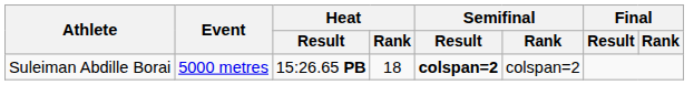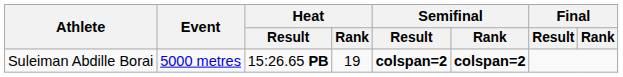 <table class="wikitable" style="font-size:90%">
 <tr>
 <th rowspan="2">Athlete</th>
 <th rowspan="2">Event</th>
 <th colspan="2">Heat</th>
 <th colspan="2">Semifinal</th>
 <th colspan="2">Final</th>
 </tr>
 <tr style="font-size:95%">
 <th>Result</th>
 <th>Rank</th>
 <th>Result</th>
 <th>Rank</th>
 <th>Result</th>
 <th>Rank</th>
 </tr>
 <tr style=text-align:center>
 <td style=text-align:left>Suleiman Abdille Borai</td>
 <td style=text-align:left><a href='#'>5000 metres</a></td>
 <td>15:26.65 <strong>PB</strong></td>
-<td>18</td>
+<td>19</td>
 <td><strong>colspan=2 </strong></td>
-<td>colspan=2 </td>
+<td><strong>colspan=2 </strong></td>
 </tr>
 </table>
